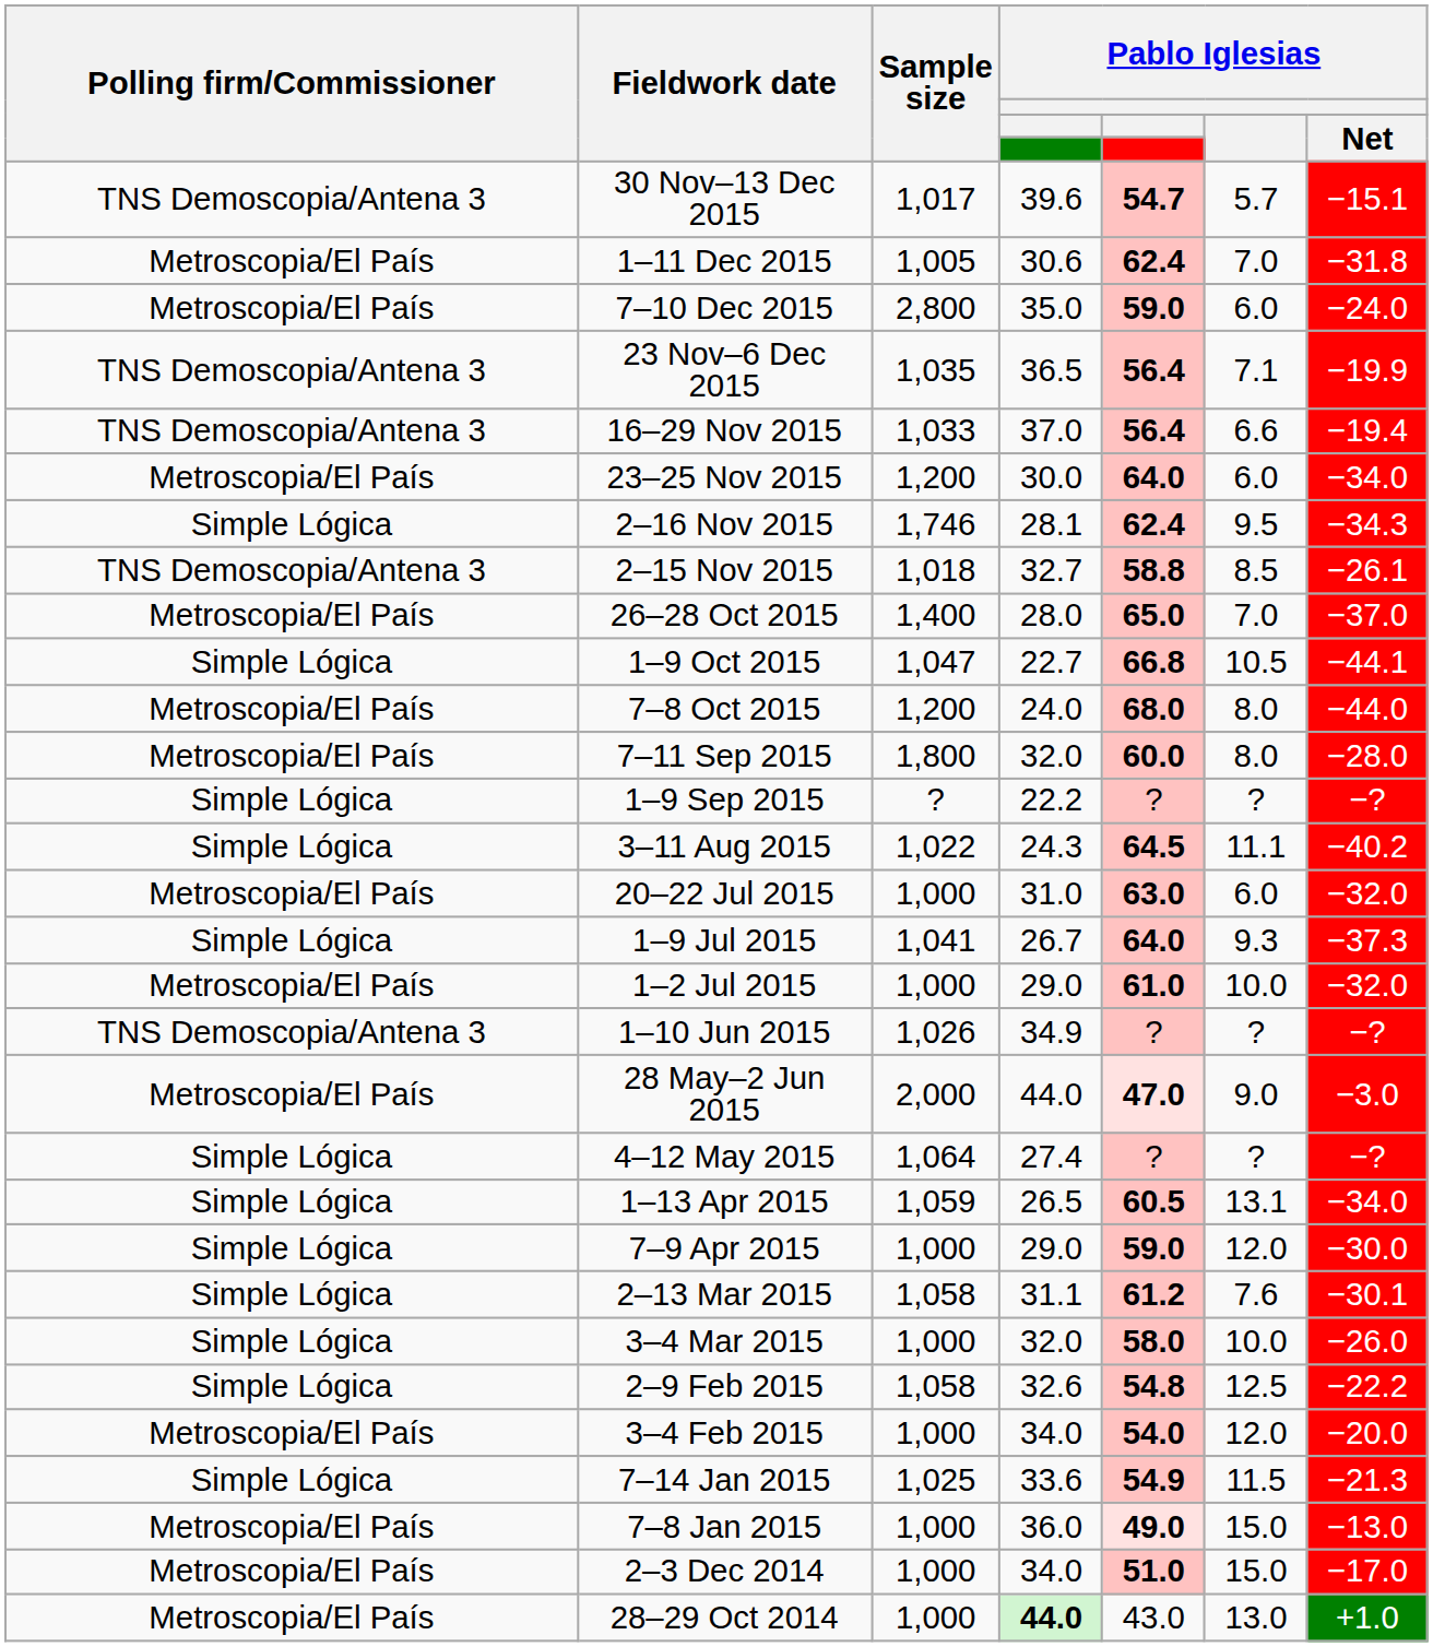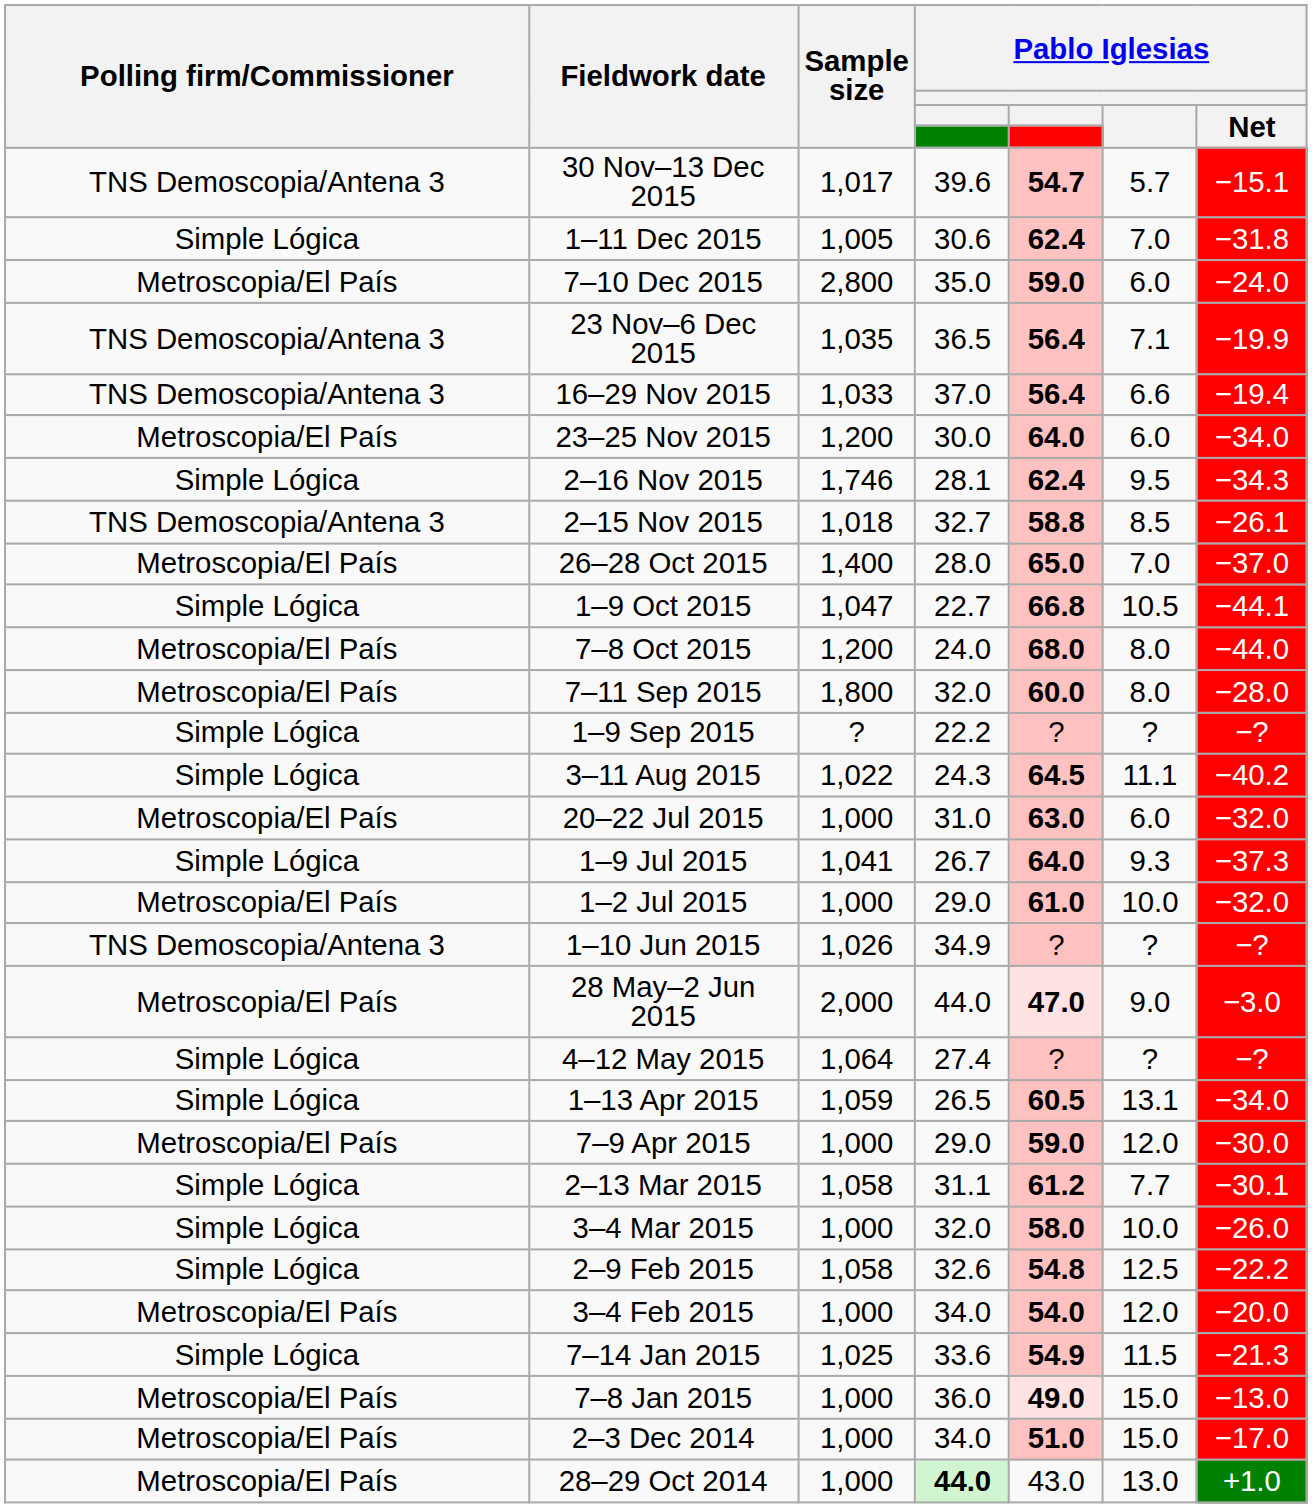 <table class="wikitable collapsible collapsed" style="text-align:center; font-size:90%; line-height:14px;">
 <tr style="height:42px;">
 <th style="width:250px;" rowspan="4">Polling firm/Commissioner</th>
 <th style="width:125px;" rowspan="4">Fieldwork date</th>
 <th style="width:50px;" rowspan="4">Sample size</th>
 <th style="width:185px;" colspan="4"><a href='#'>Pablo Iglesias</a><br></th>
 </tr>
 <tr>
 <th colspan="4" style="background:"></th>
 </tr>
 <tr>
 <th style="width:30px;"></th>
 <th style="width:30px;"></th>
 <th style="width:30px;" rowspan="2"></th>
 <th style="width:30px;" rowspan="2">Net</th>
 </tr>
 <tr>
 <th style="color:inherit;background:#008000;"></th>
 <th style="color:inherit;background:#FF0000;"></th>
 </tr>
 <tr>
 <td>TNS Demoscopia/Antena 3</td>
 <td>30 Nov–13 Dec 2015</td>
 <td>1,017</td>
 <td>39.6</td>
 <td style="background:#FFC2C1;"><strong>54.7</strong></td>
 <td>5.7</td>
 <td style="background:#FF0000; color:white;">−15.1</td>
 </tr>
 <tr>
-<td>Metroscopia/El País</td>
+<td>Simple Lógica</td>
 <td>1–11 Dec 2015</td>
 <td>1,005</td>
 <td>30.6</td>
 <td style="background:#FFC2C1;"><strong>62.4</strong></td>
 <td>7.0</td>
 <td style="background:#FF0000; color:white;">−31.8</td>
 </tr>
 <tr>
 <td>Metroscopia/El País</td>
 <td>7–10 Dec 2015</td>
 <td>2,800</td>
 <td>35.0</td>
 <td style="background:#FFC2C1;"><strong>59.0</strong></td>
 <td>6.0</td>
 <td style="background:#FF0000; color:white;">−24.0</td>
 </tr>
 <tr>
 <td>TNS Demoscopia/Antena 3</td>
 <td>23 Nov–6 Dec 2015</td>
 <td>1,035</td>
 <td>36.5</td>
 <td style="background:#FFC2C1;"><strong>56.4</strong></td>
 <td>7.1</td>
 <td style="background:#FF0000; color:white;">−19.9</td>
 </tr>
 <tr>
 <td>TNS Demoscopia/Antena 3</td>
 <td>16–29 Nov 2015</td>
 <td>1,033</td>
 <td>37.0</td>
 <td style="background:#FFC2C1;"><strong>56.4</strong></td>
 <td>6.6</td>
 <td style="background:#FF0000; color:white;">−19.4</td>
 </tr>
 <tr>
 <td>Metroscopia/El País</td>
 <td>23–25 Nov 2015</td>
 <td>1,200</td>
 <td>30.0</td>
 <td style="background:#FFC2C1;"><strong>64.0</strong></td>
 <td>6.0</td>
 <td style="background:#FF0000; color:white;">−34.0</td>
 </tr>
 <tr>
 <td>Simple Lógica</td>
 <td>2–16 Nov 2015</td>
 <td>1,746</td>
 <td>28.1</td>
 <td style="background:#FFC2C1;"><strong>62.4</strong></td>
 <td>9.5</td>
 <td style="background:#FF0000; color:white;">−34.3</td>
 </tr>
 <tr>
 <td>TNS Demoscopia/Antena 3</td>
 <td>2–15 Nov 2015</td>
 <td>1,018</td>
 <td>32.7</td>
 <td style="background:#FFC2C1;"><strong>58.8</strong></td>
 <td>8.5</td>
 <td style="background:#FF0000; color:white;">−26.1</td>
 </tr>
 <tr>
 <td>Metroscopia/El País</td>
 <td>26–28 Oct 2015</td>
 <td>1,400</td>
 <td>28.0</td>
 <td style="background:#FFC2C1;"><strong>65.0</strong></td>
 <td>7.0</td>
 <td style="background:#FF0000; color:white;">−37.0</td>
 </tr>
 <tr>
 <td>Simple Lógica</td>
 <td>1–9 Oct 2015</td>
 <td>1,047</td>
 <td>22.7</td>
 <td style="background:#FFC2C1;"><strong>66.8</strong></td>
 <td>10.5</td>
 <td style="background:#FF0000; color:white;">−44.1</td>
 </tr>
 <tr>
 <td>Metroscopia/El País</td>
 <td>7–8 Oct 2015</td>
 <td>1,200</td>
 <td>24.0</td>
 <td style="background:#FFC2C1;"><strong>68.0</strong></td>
 <td>8.0</td>
 <td style="background:#FF0000; color:white;">−44.0</td>
 </tr>
 <tr>
 <td>Metroscopia/El País</td>
 <td>7–11 Sep 2015</td>
 <td>1,800</td>
 <td>32.0</td>
 <td style="background:#FFC2C1;"><strong>60.0</strong></td>
 <td>8.0</td>
 <td style="background:#FF0000; color:white;">−28.0</td>
 </tr>
 <tr>
 <td>Simple Lógica</td>
 <td>1–9 Sep 2015</td>
 <td>?</td>
 <td>22.2</td>
 <td style="background:#FFC2C1;">?</td>
 <td>?</td>
 <td style="background:#FF0000; color:white;">−?</td>
 </tr>
 <tr>
 <td>Simple Lógica</td>
 <td>3–11 Aug 2015</td>
 <td>1,022</td>
 <td>24.3</td>
 <td style="background:#FFC2C1;"><strong>64.5</strong></td>
 <td>11.1</td>
 <td style="background:#FF0000; color:white;">−40.2</td>
 </tr>
 <tr>
 <td>Metroscopia/El País</td>
 <td>20–22 Jul 2015</td>
 <td>1,000</td>
 <td>31.0</td>
 <td style="background:#FFC2C1;"><strong>63.0</strong></td>
 <td>6.0</td>
 <td style="background:#FF0000; color:white;">−32.0</td>
 </tr>
 <tr>
 <td>Simple Lógica</td>
 <td>1–9 Jul 2015</td>
 <td>1,041</td>
 <td>26.7</td>
 <td style="background:#FFC2C1;"><strong>64.0</strong></td>
 <td>9.3</td>
 <td style="background:#FF0000; color:white;">−37.3</td>
 </tr>
 <tr>
 <td>Metroscopia/El País</td>
 <td>1–2 Jul 2015</td>
 <td>1,000</td>
 <td>29.0</td>
 <td style="background:#FFC2C1;"><strong>61.0</strong></td>
 <td>10.0</td>
 <td style="background:#FF0000; color:white;">−32.0</td>
 </tr>
 <tr>
 <td>TNS Demoscopia/Antena 3</td>
 <td>1–10 Jun 2015</td>
 <td>1,026</td>
 <td>34.9</td>
 <td style="background:#FFC2C1;">?</td>
 <td>?</td>
 <td style="background:#FF0000; color:white;">−?</td>
 </tr>
 <tr>
 <td>Metroscopia/El País</td>
 <td>28 May–2 Jun 2015</td>
 <td>2,000</td>
 <td>44.0</td>
 <td style="background:#FFE2E1;"><strong>47.0</strong></td>
 <td>9.0</td>
 <td style="background:#FF0000; color:white;">−3.0</td>
 </tr>
 <tr>
 <td>Simple Lógica</td>
 <td>4–12 May 2015</td>
 <td>1,064</td>
 <td>27.4</td>
 <td style="background:#FFC2C1;">?</td>
 <td>?</td>
 <td style="background:#FF0000; color:white;">−?</td>
 </tr>
 <tr>
 <td>Simple Lógica</td>
 <td>1–13 Apr 2015</td>
 <td>1,059</td>
 <td>26.5</td>
 <td style="background:#FFC2C1;"><strong>60.5</strong></td>
 <td>13.1</td>
 <td style="background:#FF0000; color:white;">−34.0</td>
 </tr>
 <tr>
-<td>Simple Lógica</td>
+<td>Metroscopia/El País</td>
 <td>7–9 Apr 2015</td>
 <td>1,000</td>
 <td>29.0</td>
 <td style="background:#FFC2C1;"><strong>59.0</strong></td>
 <td>12.0</td>
 <td style="background:#FF0000; color:white;">−30.0</td>
 </tr>
 <tr>
 <td>Simple Lógica</td>
 <td>2–13 Mar 2015</td>
 <td>1,058</td>
 <td>31.1</td>
 <td style="background:#FFC2C1;"><strong>61.2</strong></td>
-<td>7.6</td>
+<td>7.7</td>
 <td style="background:#FF0000; color:white;">−30.1</td>
 </tr>
 <tr>
 <td>Simple Lógica</td>
 <td>3–4 Mar 2015</td>
 <td>1,000</td>
 <td>32.0</td>
 <td style="background:#FFC2C1;"><strong>58.0</strong></td>
 <td>10.0</td>
 <td style="background:#FF0000; color:white;">−26.0</td>
 </tr>
 <tr>
 <td>Simple Lógica</td>
 <td>2–9 Feb 2015</td>
 <td>1,058</td>
 <td>32.6</td>
 <td style="background:#FFC2C1;"><strong>54.8</strong></td>
 <td>12.5</td>
 <td style="background:#FF0000; color:white;">−22.2</td>
 </tr>
 <tr>
 <td>Metroscopia/El País</td>
 <td>3–4 Feb 2015</td>
 <td>1,000</td>
 <td>34.0</td>
 <td style="background:#FFC2C1;"><strong>54.0</strong></td>
 <td>12.0</td>
 <td style="background:#FF0000; color:white;">−20.0</td>
 </tr>
 <tr>
 <td>Simple Lógica</td>
 <td>7–14 Jan 2015</td>
 <td>1,025</td>
 <td>33.6</td>
 <td style="background:#FFC2C1;"><strong>54.9</strong></td>
 <td>11.5</td>
 <td style="background:#FF0000; color:white;">−21.3</td>
 </tr>
 <tr>
 <td>Metroscopia/El País</td>
 <td>7–8 Jan 2015</td>
 <td>1,000</td>
 <td>36.0</td>
 <td style="background:#FFE2E1;"><strong>49.0</strong></td>
 <td>15.0</td>
 <td style="background:#FF0000; color:white;">−13.0</td>
 </tr>
 <tr>
 <td>Metroscopia/El País</td>
 <td>2–3 Dec 2014</td>
 <td>1,000</td>
 <td>34.0</td>
 <td style="background:#FFC2C1;"><strong>51.0</strong></td>
 <td>15.0</td>
 <td style="background:#FF0000; color:white;">−17.0</td>
 </tr>
 <tr>
 <td>Metroscopia/El País</td>
 <td>28–29 Oct 2014</td>
 <td>1,000</td>
 <td style="background:#D1F5D1;"><strong>44.0</strong></td>
 <td>43.0</td>
 <td>13.0</td>
 <td style="background:#008000; color:white;">+1.0</td>
 </tr>
 </table>
